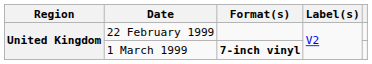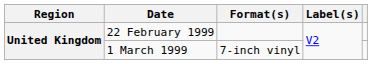 <table class="wikitable plainrowheaders">
 <tr>
 <th scope="col">Region</th>
 <th scope="col">Date</th>
 <th scope="col">Format(s)</th>
 <th scope="col">Label(s)</th>
 <th scope="col"></th>
 </tr>
 <tr>
 <th scope="row" rowspan="2">United Kingdom</th>
 <td>22 February 1999</td>
 <td></td>
 <td rowspan="2"><a href='#'>V2</a></td>
 <td></td>
 </tr>
 <tr>
 <td>1 March 1999</td>
-<td><strong>7-inch vinyl</strong></td>
+<td>7-inch vinyl</td>
 <td></td>
 </tr>
 </table>
